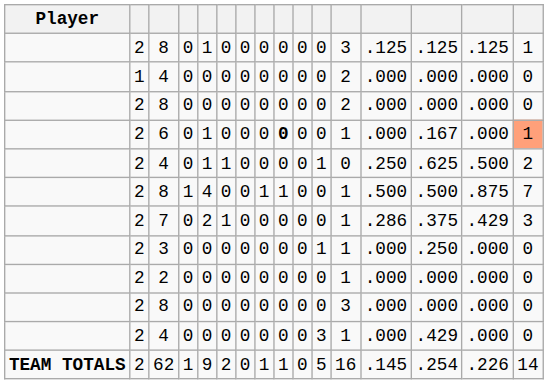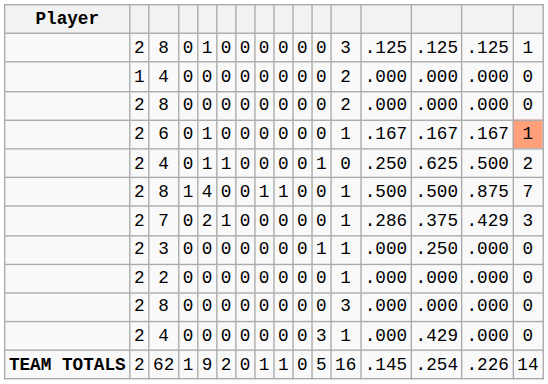 <table class="wikitable sortable" style="text-align:center;">
 <tr>
 <th>Player</th>
 <th></th>
 <th></th>
 <th></th>
 <th></th>
 <th></th>
 <th></th>
 <th></th>
 <th></th>
 <th></th>
 <th></th>
 <th></th>
 <th></th>
 <th></th>
 <th></th>
 <th></th>
 </tr>
 <tr>
 <td align=left></td>
 <td>2</td>
 <td>8</td>
 <td>0</td>
 <td>1</td>
 <td>0</td>
 <td>0</td>
 <td>0</td>
 <td>0</td>
 <td>0</td>
 <td>0</td>
 <td>3</td>
 <td>.125</td>
 <td>.125</td>
 <td>.125</td>
 <td>1</td>
 </tr>
 <tr>
 <td align=left></td>
 <td>1</td>
 <td>4</td>
 <td>0</td>
 <td>0</td>
 <td>0</td>
 <td>0</td>
 <td>0</td>
 <td>0</td>
 <td>0</td>
 <td>0</td>
 <td>2</td>
 <td>.000</td>
 <td>.000</td>
 <td>.000</td>
 <td>0</td>
 </tr>
 <tr>
 <td align=left></td>
 <td>2</td>
 <td>8</td>
 <td>0</td>
 <td>0</td>
 <td>0</td>
 <td>0</td>
 <td>0</td>
 <td>0</td>
 <td>0</td>
 <td>0</td>
 <td>2</td>
 <td>.000</td>
 <td>.000</td>
 <td>.000</td>
 <td>0</td>
 </tr>
 <tr>
 <td align=left></td>
 <td>2</td>
 <td>6</td>
 <td>0</td>
 <td>1</td>
 <td>0</td>
 <td>0</td>
 <td>0</td>
-<td><strong>0</strong></td>
+<td>0</td>
 <td>0</td>
 <td>0</td>
 <td>1</td>
-<td>.000</td>
 <td>.167</td>
-<td>.000</td>
+<td>.167</td>
+<td>.167</td>
 <td style="background: lightsalmon;">1</td>
 </tr>
 <tr>
 <td align=left></td>
 <td>2</td>
 <td>4</td>
 <td>0</td>
 <td>1</td>
 <td>1</td>
 <td>0</td>
 <td>0</td>
 <td>0</td>
 <td>0</td>
 <td>1</td>
 <td>0</td>
 <td>.250</td>
 <td>.625</td>
 <td>.500</td>
 <td>2</td>
 </tr>
 <tr>
 <td align=left></td>
 <td>2</td>
 <td>8</td>
 <td>1</td>
 <td>4</td>
 <td>0</td>
 <td>0</td>
 <td>1</td>
 <td>1</td>
 <td>0</td>
 <td>0</td>
 <td>1</td>
 <td>.500</td>
 <td>.500</td>
 <td>.875</td>
 <td>7</td>
 </tr>
 <tr>
 <td align=left></td>
 <td>2</td>
 <td>7</td>
 <td>0</td>
 <td>2</td>
 <td>1</td>
 <td>0</td>
 <td>0</td>
 <td>0</td>
 <td>0</td>
 <td>0</td>
 <td>1</td>
 <td>.286</td>
 <td>.375</td>
 <td>.429</td>
 <td>3</td>
 </tr>
 <tr>
 <td align=left></td>
 <td>2</td>
 <td>3</td>
 <td>0</td>
 <td>0</td>
 <td>0</td>
 <td>0</td>
 <td>0</td>
 <td>0</td>
 <td>0</td>
 <td>1</td>
 <td>1</td>
 <td>.000</td>
 <td>.250</td>
 <td>.000</td>
 <td>0</td>
 </tr>
 <tr>
 <td align=left></td>
 <td>2</td>
 <td>2</td>
 <td>0</td>
 <td>0</td>
 <td>0</td>
 <td>0</td>
 <td>0</td>
 <td>0</td>
 <td>0</td>
 <td>0</td>
 <td>1</td>
 <td>.000</td>
 <td>.000</td>
 <td>.000</td>
 <td>0</td>
 </tr>
 <tr>
 <td align=left></td>
 <td>2</td>
 <td>8</td>
 <td>0</td>
 <td>0</td>
 <td>0</td>
 <td>0</td>
 <td>0</td>
 <td>0</td>
 <td>0</td>
 <td>0</td>
 <td>3</td>
 <td>.000</td>
 <td>.000</td>
 <td>.000</td>
 <td>0</td>
 </tr>
 <tr>
 <td align=left></td>
 <td>2</td>
 <td>4</td>
 <td>0</td>
 <td>0</td>
 <td>0</td>
 <td>0</td>
 <td>0</td>
 <td>0</td>
 <td>0</td>
 <td>3</td>
 <td>1</td>
 <td>.000</td>
 <td>.429</td>
 <td>.000</td>
 <td>0</td>
 </tr>
 <tr class="sortbottom">
 <td align="left"><strong>TEAM TOTALS</strong></td>
 <td>2</td>
 <td>62</td>
 <td>1</td>
 <td>9</td>
 <td>2</td>
 <td>0</td>
 <td>1</td>
 <td>1</td>
 <td>0</td>
 <td>5</td>
 <td>16</td>
 <td>.145</td>
 <td>.254</td>
 <td>.226</td>
 <td>14</td>
 </tr>
 </table>
